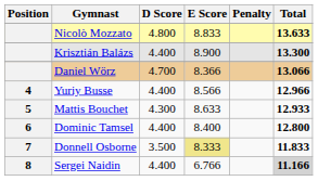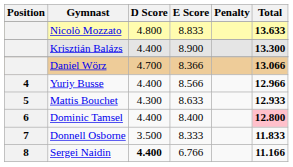 <table class="wikitable sortable" style="text-align:center;">
 <tr>
 <th>Position</th>
 <th>Gymnast</th>
 <th>D Score</th>
 <th>E Score</th>
 <th>Penalty</th>
 <th>Total</th>
 </tr>
 <tr>
 </tr>
 <tr style="background:#fffcaf;">
 <th scope="row" style="text-align:center"></th>
 <td style="text-align:left;"> <a href='#'>Nicolò Mozzato</a></td>
 <td>4.800</td>
 <td>8.833</td>
 <td></td>
 <td><strong>13.633</strong></td>
 </tr>
 <tr>
 </tr>
 <tr style="background:#e5e5e5;">
 <th scope="row" style="text-align:center"></th>
 <td style="text-align:left;"> <a href='#'>Krisztián Balázs</a></td>
 <td>4.400</td>
 <td>8.900</td>
 <td></td>
 <td><strong>13.300</strong></td>
 </tr>
 <tr>
 </tr>
 <tr style="background:#ec9;">
 <th scope="row" style="text-align:center"></th>
 <td style="text-align:left;"> <a href='#'>Daniel Wörz</a></td>
 <td>4.700</td>
 <td>8.366</td>
 <td></td>
 <td><strong>13.066</strong></td>
 </tr>
 <tr>
 <th>4</th>
 <td style="text-align:left;"> <a href='#'>Yuriy Busse</a></td>
 <td>4.400</td>
 <td>8.566</td>
 <td></td>
 <td><strong>12.966</strong></td>
 </tr>
 <tr>
 <th>5</th>
 <td style="text-align:left;"> <a href='#'>Mattis Bouchet</a></td>
 <td>4.300</td>
 <td>8.633</td>
 <td></td>
 <td><strong>12.933</strong></td>
 </tr>
 <tr>
 <th>6</th>
 <td style="text-align:left;"> <a href='#'>Dominic Tamsel</a></td>
 <td>4.400</td>
 <td>8.400</td>
 <td></td>
-<td><strong>12.800</strong></td>
+<td style="background: pink;"><strong>12.800</strong></td>
 </tr>
 <tr>
 <th>7</th>
 <td style="text-align:left;"> <a href='#'>Donnell Osborne</a></td>
 <td>3.500</td>
-<td style="background: khaki;">8.333</td>
+<td>8.333</td>
 <td></td>
 <td><strong>11.833</strong></td>
 </tr>
 <tr>
 <th>8</th>
 <td style="text-align:left;"> <a href='#'>Sergei Naidin</a></td>
-<td>4.400</td>
+<td><strong>4.400</strong></td>
 <td>6.766</td>
 <td></td>
-<td style="background: lightgrey;"><strong>11.166</strong></td>
+<td><strong>11.166</strong></td>
 </tr>
 </table>
